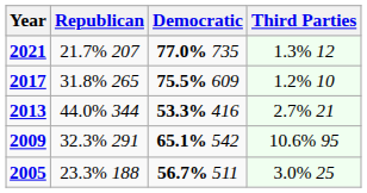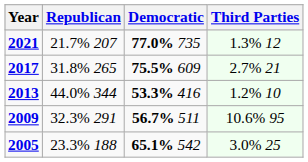 <table class="wikitable" style="float:right; font-size:95%;">
 <tr bgcolor=lightgrey>
 <th>Year</th>
 <th><a href='#'>Republican</a></th>
 <th><a href='#'>Democratic</a></th>
 <th><a href='#'>Third Parties</a></th>
 </tr>
 <tr>
 <td style="text-align:center; "><strong><a href='#'>2021</a></strong></td>
 <td style="text-align:center; ">21.7% <em>207</em></td>
 <td style="text-align:center; "><strong>77.0%</strong>  <em>735</em></td>
 <td style="text-align:center; background:honeyDew;">1.3% <em>12</em></td>
 </tr>
 <tr>
 <td style="text-align:center; "><strong><a href='#'>2017</a></strong></td>
 <td style="text-align:center; ">31.8% <em>265</em></td>
 <td style="text-align:center; "><strong>75.5%</strong>  <em>609</em></td>
-<td style="text-align:center; background:honeyDew;">1.2% <em>10</em></td>
+<td style="text-align:center; background:honeyDew;">2.7% <em>21</em></td>
 </tr>
 <tr>
 <td style="text-align:center; "><strong><a href='#'>2013</a></strong></td>
 <td style="text-align:center; ">44.0% <em>344</em></td>
 <td style="text-align:center; "><strong>53.3%</strong>  <em>416</em></td>
-<td style="text-align:center; background:honeyDew;">2.7% <em>21</em></td>
+<td style="text-align:center; background:honeyDew;">1.2% <em>10</em></td>
 </tr>
 <tr>
 <td style="text-align:center; "><strong><a href='#'>2009</a></strong></td>
 <td style="text-align:center; ">32.3% <em>291</em></td>
-<td style="text-align:center; "><strong>65.1%</strong> <em>542</em></td>
+<td style="text-align:center; "><strong>56.7%</strong>  <em>511</em></td>
 <td style="text-align:center; background:honeyDew;">10.6% <em>95</em></td>
 </tr>
 <tr>
 <td style="text-align:center; "><strong><a href='#'>2005</a></strong></td>
 <td style="text-align:center; ">23.3% <em>188</em></td>
-<td style="text-align:center; "><strong>56.7%</strong>  <em>511</em></td>
+<td style="text-align:center; "><strong>65.1%</strong> <em>542</em></td>
 <td style="text-align:center; background:honeyDew;">3.0% <em>25</em></td>
 </tr>
 </table>
